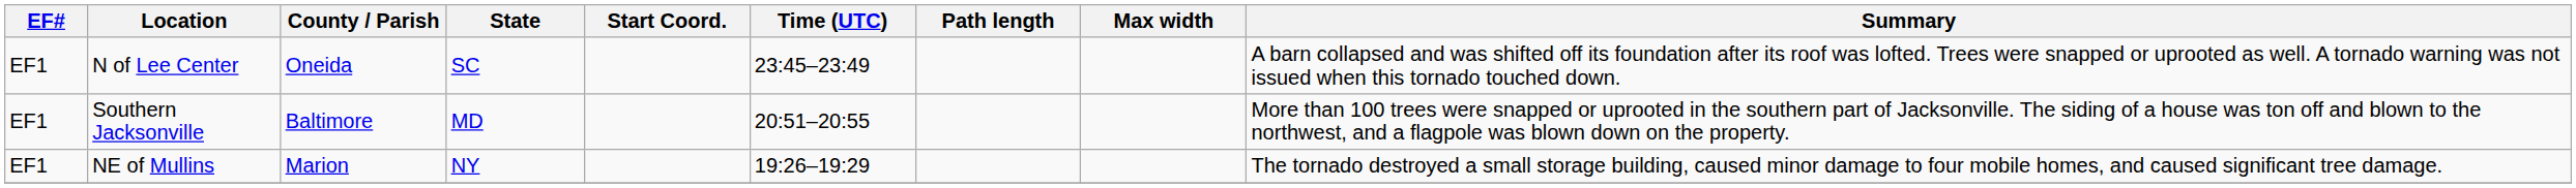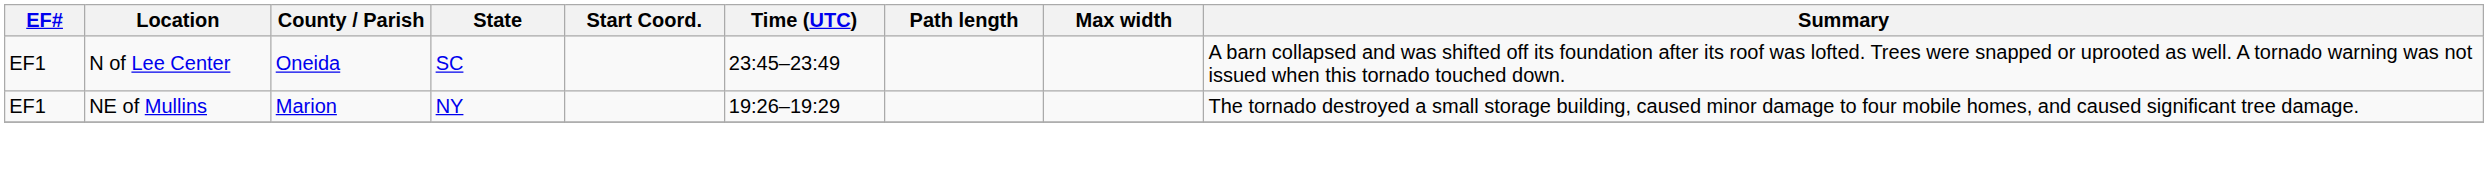 <table class="wikitable sortable" style="width:100%;">
 <tr>
 <th scope="col"  style="width:3%; text-align:center;"><a href='#'>EF#</a></th>
 <th scope="col"  style="width:7%; text-align:center;" class="unsortable">Location</th>
 <th scope="col"  style="width:6%; text-align:center;" class="unsortable">County / Parish</th>
 <th scope="col"  style="width:5%; text-align:center;">State</th>
 <th scope="col"  style="width:6%; text-align:center;">Start Coord.</th>
 <th scope="col"  style="width:6%; text-align:center;">Time (<a href='#'>UTC</a>)</th>
 <th scope="col"  style="width:6%; text-align:center;">Path length</th>
 <th scope="col"  style="width:6%; text-align:center;">Max width</th>
 <th scope="col" class="unsortable" style="width:48%; text-align:center;">Summary</th>
 </tr>
 <tr>
 <td>EF1</td>
 <td>N of <a href='#'>Lee Center</a></td>
 <td><a href='#'>Oneida</a></td>
 <td><a href='#'>SC</a></td>
 <td></td>
 <td>23:45–23:49</td>
 <td></td>
 <td></td>
 <td>A barn collapsed and was shifted off its foundation after its roof was lofted. Trees were snapped or uprooted as well. A tornado warning was not issued when this tornado touched down.</td>
 </tr>
 <tr>
 <td>EF1</td>
-<td>Southern <a href='#'>Jacksonville</a></td>
-<td><a href='#'>Baltimore</a></td>
-<td><a href='#'>MD</a></td>
-<td></td>
-<td>20:51–20:55</td>
-<td></td>
-<td></td>
-<td>More than 100 trees were snapped or uprooted in the southern part of Jacksonville. The siding of a house was ton off and blown  to the northwest, and a flagpole was blown down on the property.</td>
-</tr>
-<tr>
-<td>EF1</td>
 <td>NE of <a href='#'>Mullins</a></td>
 <td><a href='#'>Marion</a></td>
 <td><a href='#'>NY</a></td>
 <td></td>
 <td>19:26–19:29</td>
 <td></td>
 <td></td>
 <td>The tornado destroyed a small storage building, caused minor damage to four mobile homes, and caused significant tree damage.</td>
 </tr>
 <tr>
 </tr>
 </table>
